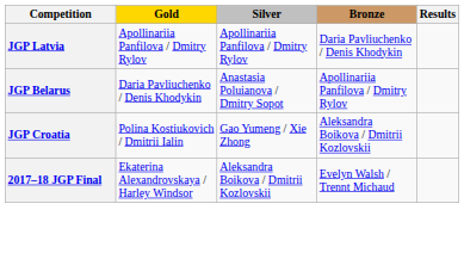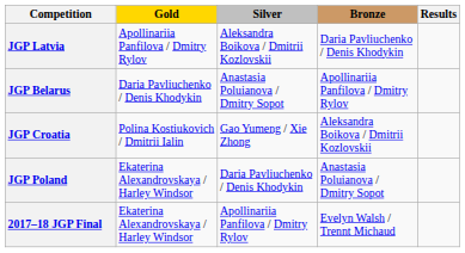 <table class="wikitable unsortable" style="text-align:left; width:100%">
 <tr>
 <th scope="col" style="text-align:center; width:25%;">Competition</th>
 <td scope="col" style="text-align:center; width:22.5%; background:gold"><strong>Gold</strong></td>
 <td scope="col" style="text-align:center; width:22.5%; background:silver"><strong>Silver</strong></td>
 <td scope="col" style="text-align:center; width:22.5%; background:#c96"><strong>Bronze</strong></td>
 <th scope="col" style="text-align:center; width:7.5%;">Results</th>
 </tr>
 <tr>
 <th scope="row" style="text-align:left"> <a href='#'>JGP Latvia</a></th>
 <td> <a href='#'>Apollinariia Panfilova</a> / <a href='#'>Dmitry Rylov</a></td>
-<td> <a href='#'>Apollinariia Panfilova</a> / <a href='#'>Dmitry Rylov</a></td>
+<td> <a href='#'>Aleksandra Boikova</a> / <a href='#'>Dmitrii Kozlovskii</a></td>
 <td> <a href='#'>Daria Pavliuchenko</a> / <a href='#'>Denis Khodykin</a></td>
 <td></td>
 </tr>
 <tr>
 <th scope="row" style="text-align:left"> <a href='#'>JGP Belarus</a></th>
 <td> <a href='#'>Daria Pavliuchenko</a> / <a href='#'>Denis Khodykin</a></td>
 <td> <a href='#'>Anastasia Poluianova</a> / <a href='#'>Dmitry Sopot</a></td>
 <td> <a href='#'>Apollinariia Panfilova</a> / <a href='#'>Dmitry Rylov</a></td>
 <td></td>
 </tr>
 <tr>
 <th scope="row" style="text-align:left"> <a href='#'>JGP Croatia</a></th>
 <td> <a href='#'>Polina Kostiukovich</a> / <a href='#'>Dmitrii Ialin</a></td>
 <td> <a href='#'>Gao Yumeng</a> / <a href='#'>Xie Zhong</a></td>
 <td> <a href='#'>Aleksandra Boikova</a> / <a href='#'>Dmitrii Kozlovskii</a></td>
 <td></td>
 </tr>
 <tr>
+<th scope="row" style="text-align:left"> <a href='#'>JGP Poland</a></th>
+<td> <a href='#'>Ekaterina Alexandrovskaya</a> / <a href='#'>Harley Windsor</a></td>
+<td> <a href='#'>Daria Pavliuchenko</a> / <a href='#'>Denis Khodykin</a></td>
+<td> <a href='#'>Anastasia Poluianova</a> / <a href='#'>Dmitry Sopot</a></td>
+<td></td>
+</tr>
+<tr>
 <th scope="row" style="text-align:left"> <a href='#'>2017–18 JGP Final</a></th>
 <td> <a href='#'>Ekaterina Alexandrovskaya</a> / <a href='#'>Harley Windsor</a></td>
-<td> <a href='#'>Aleksandra Boikova</a> / <a href='#'>Dmitrii Kozlovskii</a></td>
+<td> <a href='#'>Apollinariia Panfilova</a> / <a href='#'>Dmitry Rylov</a></td>
 <td> <a href='#'>Evelyn Walsh</a> / <a href='#'>Trennt Michaud</a></td>
 <td></td>
 </tr>
 </table>
